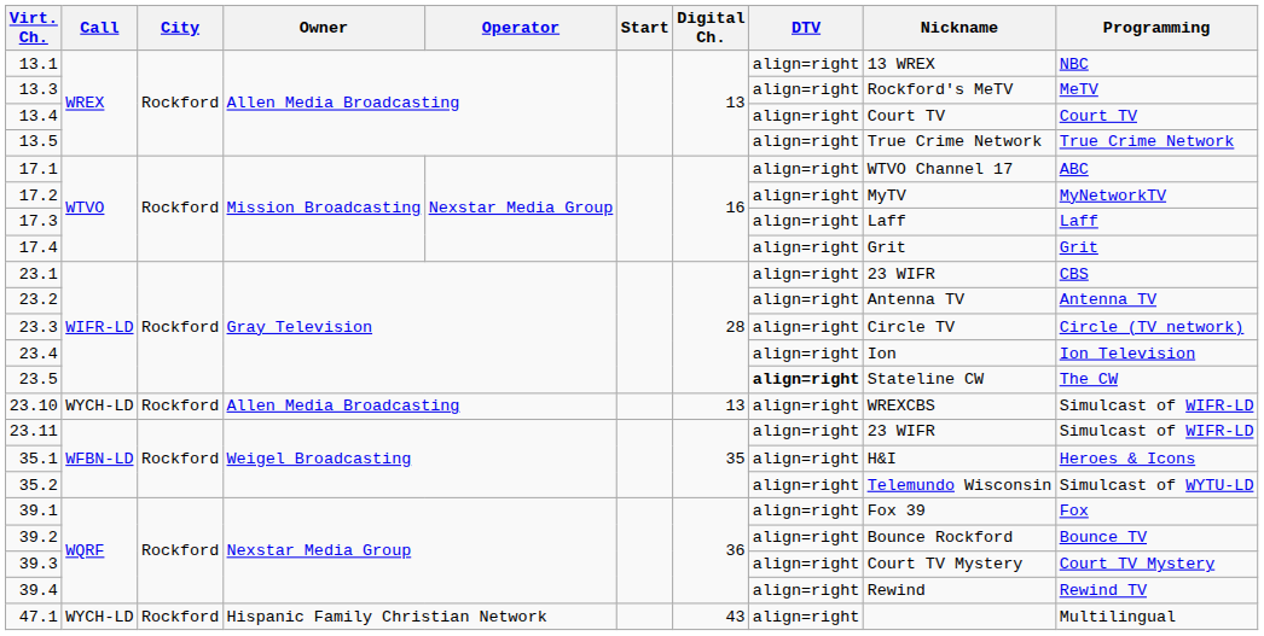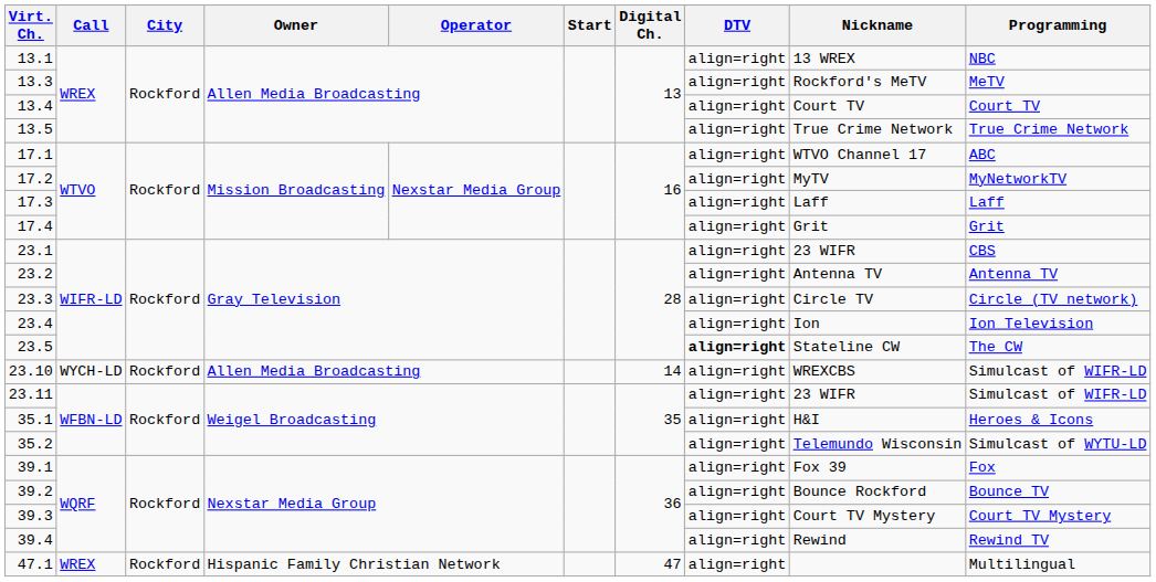 <table class="wikitable sortable">
 <tr>
 <th><a href='#'>Virt.<br>Ch.</a></th>
 <th><a href='#'>Call</a></th>
 <th><a href='#'>City</a></th>
 <th>Owner</th>
 <th><a href='#'>Operator</a></th>
 <th>Start</th>
 <th>Digital<br>Ch.</th>
 <th><a href='#'>DTV</a></th>
 <th>Nickname</th>
 <th>Programming</th>
 </tr>
 <tr>
 <td align=right>13.1</td>
 <td rowspan=4><a href='#'>WREX</a></td>
 <td rowspan=4>Rockford</td>
 <td colspan="2" rowspan="4"><a href='#'>Allen Media Broadcasting</a></td>
 <td rowspan="4" align="right"></td>
 <td rowspan=4 align=right>13</td>
 <td>align=right </td>
 <td>13 WREX</td>
 <td><a href='#'>NBC</a></td>
 </tr>
 <tr>
 <td align=right>13.3</td>
 <td>align=right </td>
 <td>Rockford's MeTV</td>
 <td><a href='#'>MeTV</a></td>
 </tr>
 <tr>
 <td align=right>13.4</td>
 <td>align=right </td>
 <td>Court TV</td>
 <td><a href='#'>Court TV</a></td>
 </tr>
 <tr>
 <td align=right>13.5</td>
 <td>align=right </td>
 <td>True Crime Network</td>
 <td><a href='#'>True Crime Network</a></td>
 </tr>
 <tr>
 <td align=right>17.1</td>
 <td rowspan=4><a href='#'>WTVO</a></td>
 <td rowspan=4>Rockford</td>
 <td rowspan=4><a href='#'>Mission Broadcasting</a></td>
 <td rowspan=4><a href='#'>Nexstar Media Group</a></td>
 <td rowspan=4 align=right></td>
 <td rowspan=4 align=right>16</td>
 <td>align=right </td>
 <td>WTVO Channel 17</td>
 <td><a href='#'>ABC</a></td>
 </tr>
 <tr>
 <td align=right>17.2</td>
 <td>align=right </td>
 <td>MyTV</td>
 <td><a href='#'>MyNetworkTV</a></td>
 </tr>
 <tr>
 <td align=right>17.3</td>
 <td>align=right </td>
 <td>Laff</td>
 <td><a href='#'>Laff</a></td>
 </tr>
 <tr>
 <td align=right>17.4</td>
 <td>align=right </td>
 <td>Grit</td>
 <td><a href='#'>Grit</a></td>
 </tr>
 <tr>
 <td data-sort-value=23.01 align=right>23.1</td>
 <td rowspan=5><a href='#'>WIFR-LD</a></td>
 <td rowspan=5>Rockford</td>
 <td colspan="2" rowspan="5"><a href='#'>Gray Television</a></td>
 <td rowspan="5" align="right"></td>
 <td rowspan=5 align=right>28</td>
 <td>align=right </td>
 <td>23 WIFR</td>
 <td><a href='#'>CBS</a></td>
 </tr>
 <tr>
 <td data-sort-value=23.02 align=right>23.2</td>
 <td>align=right </td>
 <td>Antenna TV</td>
 <td><a href='#'>Antenna TV</a></td>
 </tr>
 <tr>
 <td data-sort-value=23.03 align=right>23.3</td>
 <td>align=right </td>
 <td>Circle TV</td>
 <td><a href='#'>Circle (TV network)</a></td>
 </tr>
 <tr>
 <td data-sort-value=23.04 align=right>23.4</td>
 <td>align=right </td>
 <td>Ion</td>
 <td><a href='#'>Ion Television</a></td>
 </tr>
 <tr>
 <td data-sort-value=23.05 align=right>23.5</td>
 <td><strong>align=right </strong></td>
 <td>Stateline CW</td>
 <td><a href='#'>The CW</a></td>
 </tr>
 <tr>
 <td data-sort-value=23.10 align=right>23.10</td>
 <td>WYCH-LD</td>
 <td>Rockford</td>
 <td colspan="2"><a href='#'>Allen Media Broadcasting</a></td>
 <td align="right"></td>
-<td align=right>13</td>
+<td align=right>14</td>
 <td>align=right </td>
 <td>WREXCBS</td>
 <td>Simulcast of <a href='#'>WIFR-LD</a></td>
 </tr>
 <tr>
 <td data-sort-value=23.11 align=right>23.11</td>
 <td rowspan="3"><a href='#'>WFBN-LD</a></td>
 <td rowspan="3">Rockford</td>
 <td colspan="2" rowspan="3"><a href='#'>Weigel Broadcasting</a></td>
 <td rowspan="3" align="right"></td>
 <td rowspan="3" align="right">35</td>
 <td>align=right </td>
 <td>23 WIFR</td>
 <td>Simulcast of <a href='#'>WIFR-LD</a></td>
 </tr>
 <tr>
 <td align=right>35.1</td>
 <td>align=right </td>
 <td>H&I</td>
 <td><a href='#'>Heroes & Icons</a></td>
 </tr>
 <tr>
 <td align=right>35.2</td>
 <td>align=right </td>
 <td><a href='#'>Telemundo</a> Wisconsin</td>
 <td>Simulcast of <a href='#'>WYTU-LD</a></td>
 </tr>
 <tr>
 <td align=right>39.1</td>
 <td rowspan=4><a href='#'>WQRF</a></td>
 <td rowspan=4>Rockford</td>
 <td colspan="2" rowspan="4"><a href='#'>Nexstar Media Group</a></td>
 <td rowspan="4" align="right"></td>
 <td rowspan=4 align=right>36</td>
 <td>align=right </td>
 <td>Fox 39</td>
 <td><a href='#'>Fox</a></td>
 </tr>
 <tr>
 <td align=right>39.2</td>
 <td>align=right </td>
 <td>Bounce Rockford</td>
 <td><a href='#'>Bounce TV</a></td>
 </tr>
 <tr>
 <td align=right>39.3</td>
 <td>align=right </td>
 <td>Court TV Mystery</td>
 <td><a href='#'>Court TV Mystery</a></td>
 </tr>
 <tr>
 <td align=right>39.4</td>
 <td>align=right </td>
 <td>Rewind</td>
 <td><a href='#'>Rewind TV</a></td>
 </tr>
 <tr>
 <td align=right>47.1</td>
-<td>WYCH-LD</td>
+<td><a href='#'>WREX</a></td>
 <td>Rockford</td>
 <td colspan="2">Hispanic Family Christian Network</td>
 <td align="right"></td>
-<td align=right>43</td>
+<td align=right>47</td>
 <td>align=right </td>
 <td></td>
 <td>Multilingual</td>
 </tr>
 </table>
